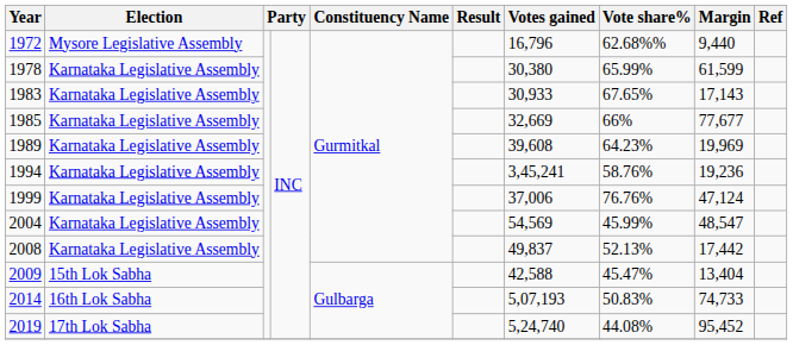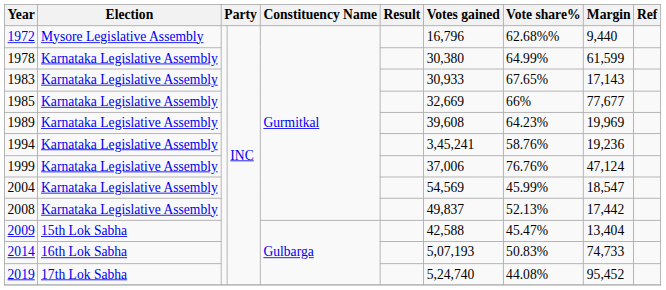 <table class="wikitable">
 <tr>
 <th>Year</th>
 <th>Election</th>
 <th colspan="2">Party</th>
 <th>Constituency Name</th>
 <th>Result</th>
 <th>Votes gained</th>
 <th>Vote share%</th>
 <th>Margin</th>
 <th>Ref</th>
 </tr>
 <tr>
 <td><a href='#'>1972</a></td>
 <td><a href='#'>Mysore Legislative Assembly</a></td>
 <td rowspan="12" style="background-color: "></td>
 <td rowspan="12"><a href='#'>INC</a> </td>
 <td rowspan=9><a href='#'>Gurmitkal</a></td>
 <td></td>
 <td>16,796</td>
 <td>62.68%%</td>
 <td>9,440</td>
 <td></td>
 </tr>
 <tr>
 <td>1978</td>
 <td><a href='#'>Karnataka Legislative Assembly</a></td>
 <td></td>
 <td>30,380</td>
-<td>65.99%</td>
+<td>64.99%</td>
 <td>61,599</td>
 <td></td>
 </tr>
 <tr>
 <td>1983</td>
 <td><a href='#'>Karnataka Legislative Assembly</a></td>
 <td></td>
 <td>30,933</td>
 <td>67.65%</td>
 <td>17,143</td>
 <td></td>
 </tr>
 <tr>
 <td>1985</td>
 <td><a href='#'>Karnataka Legislative Assembly</a></td>
 <td></td>
 <td>32,669</td>
 <td>66%</td>
 <td>77,677</td>
 <td></td>
 </tr>
 <tr>
 <td>1989</td>
 <td><a href='#'>Karnataka Legislative Assembly</a></td>
 <td></td>
 <td>39,608</td>
 <td>64.23%</td>
 <td>19,969</td>
 <td></td>
 </tr>
 <tr>
 <td>1994</td>
 <td><a href='#'>Karnataka Legislative Assembly</a></td>
 <td></td>
 <td>3,45,241</td>
 <td>58.76%</td>
 <td>19,236</td>
 <td></td>
 </tr>
 <tr>
 <td>1999</td>
 <td><a href='#'>Karnataka Legislative Assembly</a></td>
 <td></td>
 <td>37,006</td>
 <td>76.76%</td>
 <td>47,124</td>
 <td></td>
 </tr>
 <tr>
 <td>2004</td>
 <td><a href='#'>Karnataka Legislative Assembly</a></td>
 <td></td>
 <td>54,569</td>
 <td>45.99%</td>
-<td>48,547</td>
+<td>18,547</td>
 <td></td>
 </tr>
 <tr>
 <td>2008</td>
 <td><a href='#'>Karnataka Legislative Assembly</a></td>
 <td></td>
 <td>49,837</td>
 <td>52.13%</td>
 <td>17,442</td>
 <td></td>
 </tr>
 <tr>
 <td><a href='#'>2009</a></td>
 <td><a href='#'>15th Lok Sabha</a></td>
 <td rowspan=3><a href='#'>Gulbarga</a></td>
 <td></td>
 <td>42,588</td>
 <td>45.47%</td>
 <td>13,404</td>
 <td></td>
 </tr>
 <tr>
 <td><a href='#'>2014</a></td>
 <td><a href='#'>16th Lok Sabha</a></td>
 <td></td>
 <td>5,07,193</td>
 <td>50.83%</td>
 <td>74,733</td>
 <td></td>
 </tr>
 <tr>
 <td><a href='#'>2019</a></td>
 <td><a href='#'>17th Lok Sabha</a></td>
 <td></td>
 <td>5,24,740</td>
 <td>44.08%</td>
 <td>95,452</td>
 <td></td>
 </tr>
 <tr>
 </tr>
 </table>
